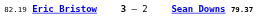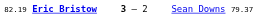 <table style="text-align:center">
 <tr>
 <th width=223></th>
 <th width=100></th>
 <th width=223></th>
 </tr>
 <tr>
 <td align=right><small>82.19</small> <strong><a href='#'>Eric Bristow</a></strong> </td>
 <td><strong>3</strong> – 2</td>
-<td align=left><strong> <a href='#'>Sean Downs</a> <small>79.37</small></strong></td>
+<td align=left> <a href='#'>Sean Downs</a> <small>79.37</small></td>
 </tr>
 </table>
